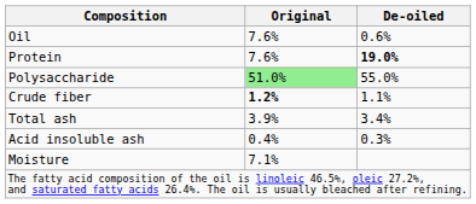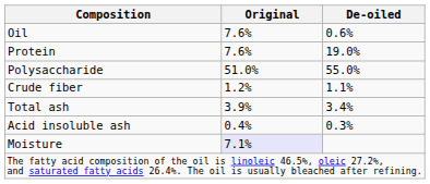 <table class="wikitable" style="float:left; margin-right:1em;">
 <tr>
 <th>Composition</th>
 <th>Original</th>
 <th>De-oiled</th>
 </tr>
 <tr>
 <td>Oil</td>
 <td>7.6%</td>
 <td>0.6%</td>
 </tr>
 <tr>
 <td>Protein</td>
 <td>7.6%</td>
-<td><strong>19.0%</strong></td>
+<td>19.0%</td>
 </tr>
 <tr>
 <td>Polysaccharide</td>
-<td style="background: lightgreen;">51.0%</td>
+<td>51.0%</td>
 <td>55.0%</td>
 </tr>
 <tr>
 <td>Crude fiber</td>
-<td><strong>1.2%</strong></td>
+<td>1.2%</td>
 <td>1.1%</td>
 </tr>
 <tr>
 <td>Total ash</td>
 <td>3.9%</td>
 <td>3.4%</td>
 </tr>
 <tr>
 <td>Acid insoluble ash</td>
 <td>0.4%</td>
 <td>0.3%</td>
 </tr>
 <tr>
 <td>Moisture</td>
-<td>7.1%</td>
+<td style="background: lavender;">7.1%</td>
 <td></td>
 </tr>
 <tr>
 <td colspan="3" style="font-size:80%">The fatty acid composition of the oil is <a href='#'>linoleic</a> 46.5%, <a href='#'>oleic</a> 27.2%,<br> and <a href='#'>saturated fatty acids</a> 26.4%. The oil is usually bleached after refining.</td>
 </tr>
 </table>
